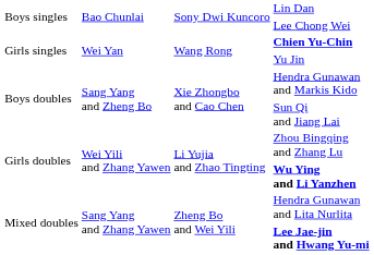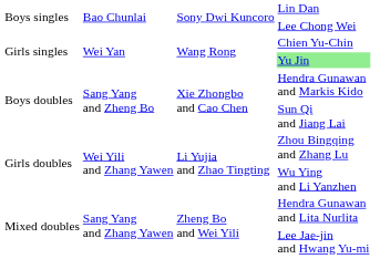 <table>
 <tr>
 <td rowspan=2>Boys singles</td>
 <td rowspan=2> <a href='#'>Bao Chunlai</a></td>
 <td rowspan=2> <a href='#'>Sony Dwi Kuncoro</a></td>
 <td> <a href='#'>Lin Dan</a></td>
 </tr>
 <tr>
 <td> <a href='#'>Lee Chong Wei</a></td>
 </tr>
 <tr>
 <td rowspan=2>Girls singles</td>
 <td rowspan=2> <a href='#'>Wei Yan</a></td>
 <td rowspan=2> <a href='#'>Wang Rong</a></td>
-<td><strong> <a href='#'>Chien Yu-Chin</a></strong></td>
+<td> <a href='#'>Chien Yu-Chin</a></td>
 </tr>
 <tr>
-<td> <a href='#'>Yu Jin</a></td>
+<td style="background: lightgreen;"> <a href='#'>Yu Jin</a></td>
 </tr>
 <tr>
 <td rowspan=2>Boys doubles</td>
 <td rowspan=2> <a href='#'>Sang Yang</a><br>and <a href='#'>Zheng Bo</a></td>
 <td rowspan=2> <a href='#'>Xie Zhongbo</a><br>and <a href='#'>Cao Chen</a></td>
 <td> <a href='#'>Hendra Gunawan</a><br>and <a href='#'>Markis Kido</a></td>
 </tr>
 <tr>
 <td> <a href='#'>Sun Qi</a><br>and <a href='#'>Jiang Lai</a></td>
 </tr>
 <tr>
 <td rowspan=2>Girls doubles</td>
 <td rowspan=2> <a href='#'>Wei Yili</a><br>and <a href='#'>Zhang Yawen</a></td>
 <td rowspan=2> <a href='#'>Li Yujia</a><br>and <a href='#'>Zhao Tingting</a></td>
 <td> <a href='#'>Zhou Bingqing</a><br>and <a href='#'>Zhang Lu</a></td>
 </tr>
 <tr>
-<td><strong> <a href='#'>Wu Ying</a><br>and <a href='#'>Li Yanzhen</a></strong></td>
+<td> <a href='#'>Wu Ying</a><br>and <a href='#'>Li Yanzhen</a></td>
 </tr>
 <tr>
 <td rowspan=2>Mixed doubles</td>
 <td rowspan=2> <a href='#'>Sang Yang</a><br>and <a href='#'>Zhang Yawen</a></td>
 <td rowspan=2> <a href='#'>Zheng Bo</a><br>and <a href='#'>Wei Yili</a></td>
 <td> <a href='#'>Hendra Gunawan</a><br>and <a href='#'>Lita Nurlita</a></td>
 </tr>
 <tr>
-<td><strong> <a href='#'>Lee Jae-jin</a><br>and <a href='#'>Hwang Yu-mi</a></strong></td>
+<td> <a href='#'>Lee Jae-jin</a><br>and <a href='#'>Hwang Yu-mi</a></td>
 </tr>
 </table>
